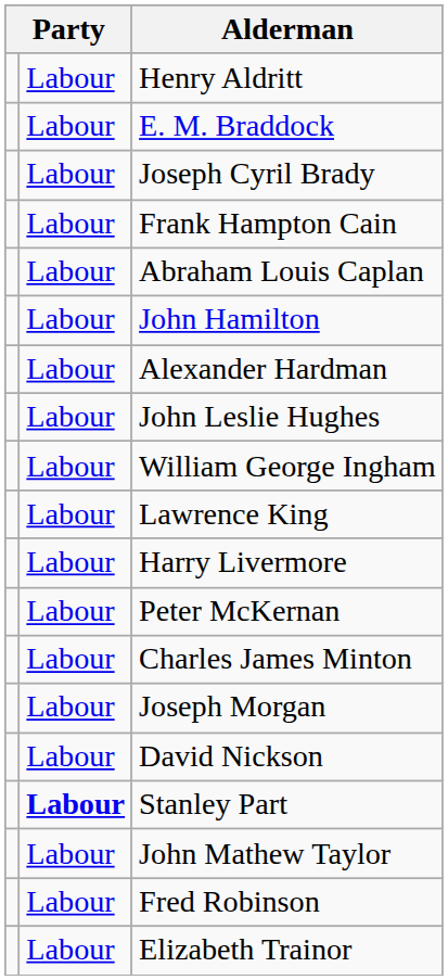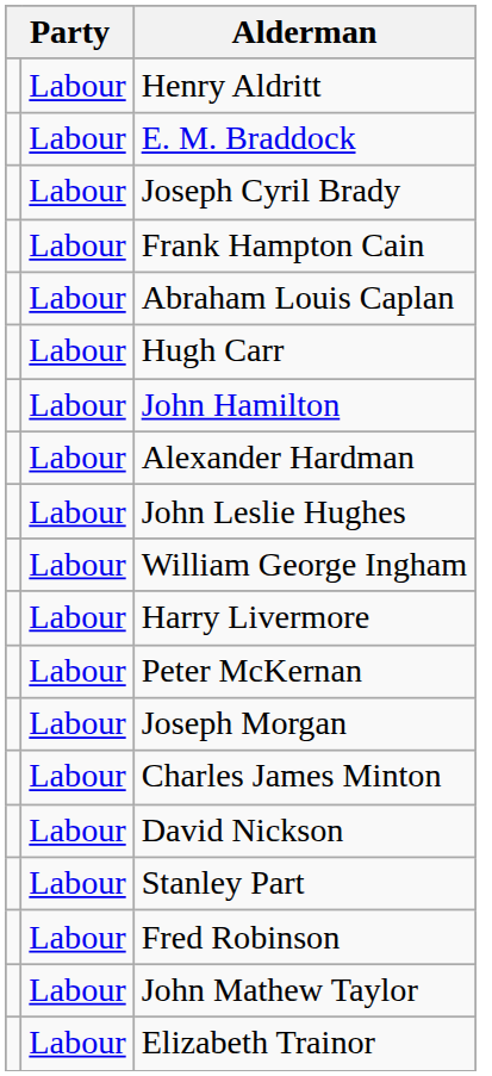 <table class="wikitable">
 <tr>
 <th colspan="2">Party</th>
 <th>Alderman</th>
 </tr>
 <tr>
 <td style="background-color:"></td>
 <td><a href='#'>Labour</a></td>
 <td>Henry Aldritt</td>
 </tr>
 <tr>
 <td style="background-color:"></td>
 <td><a href='#'>Labour</a></td>
 <td><a href='#'>E. M. Braddock</a></td>
 </tr>
 <tr>
 <td style="background-color:"></td>
 <td><a href='#'>Labour</a></td>
 <td>Joseph Cyril Brady</td>
 </tr>
 <tr>
 <td style="background-color:"></td>
 <td><a href='#'>Labour</a></td>
 <td>Frank Hampton Cain</td>
 </tr>
 <tr>
 <td style="background-color:"></td>
 <td><a href='#'>Labour</a></td>
 <td>Abraham Louis Caplan</td>
 </tr>
 <tr>
 <td style="background-color:"></td>
 <td><a href='#'>Labour</a></td>
+<td>Hugh Carr</td>
+</tr>
+<tr>
+<td style="background-color:"></td>
+<td><a href='#'>Labour</a></td>
 <td><a href='#'>John Hamilton</a></td>
 </tr>
 <tr>
 <td style="background-color:"></td>
 <td><a href='#'>Labour</a></td>
 <td>Alexander Hardman</td>
 </tr>
 <tr>
 <td style="background-color:"></td>
 <td><a href='#'>Labour</a></td>
 <td>John Leslie Hughes</td>
 </tr>
 <tr>
 <td style="background-color:"></td>
 <td><a href='#'>Labour</a></td>
 <td>William George Ingham</td>
 </tr>
 <tr>
 <td style="background-color:"></td>
 <td><a href='#'>Labour</a></td>
-<td>Lawrence King</td>
-</tr>
-<tr>
-<td style="background-color:"></td>
-<td><a href='#'>Labour</a></td>
 <td>Harry Livermore</td>
 </tr>
 <tr>
 <td style="background-color:"></td>
 <td><a href='#'>Labour</a></td>
 <td>Peter McKernan</td>
 </tr>
 <tr>
 <td style="background-color:"></td>
 <td><a href='#'>Labour</a></td>
-<td>Charles James Minton</td>
+<td>Joseph Morgan</td>
 </tr>
 <tr>
 <td style="background-color:"></td>
 <td><a href='#'>Labour</a></td>
-<td>Joseph Morgan</td>
+<td>Charles James Minton</td>
 </tr>
 <tr>
 <td style="background-color:"></td>
 <td><a href='#'>Labour</a></td>
 <td>David Nickson</td>
 </tr>
 <tr>
 <td style="background-color:"></td>
-<td><strong><a href='#'>Labour</a></strong></td>
+<td><a href='#'>Labour</a></td>
 <td>Stanley Part</td>
+</tr>
+<tr>
+<td style="background-color:"></td>
+<td><a href='#'>Labour</a></td>
+<td>Fred Robinson</td>
 </tr>
 <tr>
 <td style="background-color:"></td>
 <td><a href='#'>Labour</a></td>
 <td>John Mathew Taylor</td>
 </tr>
 <tr>
 <td style="background-color:"></td>
 <td><a href='#'>Labour</a></td>
-<td>Fred Robinson</td>
-</tr>
-<tr>
-<td style="background-color:"></td>
-<td><a href='#'>Labour</a></td>
 <td>Elizabeth Trainor</td>
 </tr>
 <tr>
 </tr>
 </table>
